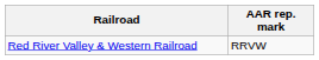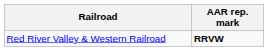 <table class="wikitable" border="1">
 <tr>
 <th width="300px">Railroad</th>
 <th width="110px">AAR rep. mark</th>
 </tr>
 <tr>
 <td width="300px"><a href='#'>Red River Valley & Western Railroad</a></td>
-<td width="110px">RRVW</td>
+<td width="110px"><strong>RRVW</strong></td>
 </tr>
 </table>
